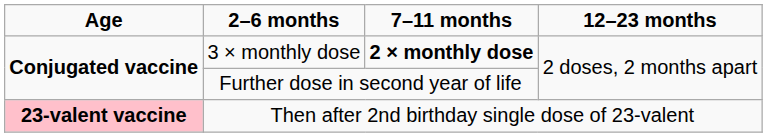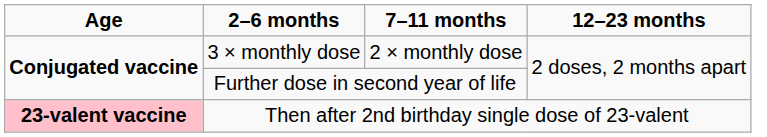 <table class="wikitable">
 <tr style="text-align:center;">
 <td><strong>Age</strong></td>
 <td style="text-align:center;"><strong>2–6 months</strong></td>
 <td style="text-align:center;"><strong>7–11 months</strong></td>
 <td style="text-align:center;"><strong>12–23 months</strong></td>
 </tr>
 <tr style="text-align:center;">
 <td rowspan="2"><strong>Conjugated vaccine</strong></td>
 <td style="text-align:center;">3 × monthly dose</td>
-<td style="text-align:center;"><strong>2 × monthly dose</strong></td>
+<td style="text-align:center;">2 × monthly dose</td>
 <td rowspan="2" style="text-align:center;">2 doses, 2 months apart</td>
 </tr>
 <tr>
 <td colspan="2" style="text-align:center;">Further dose in second year of life</td>
 </tr>
 <tr style="text-align:center;">
 <td style="background: pink;"><strong>23-valent vaccine</strong></td>
 <td colspan="3" style="text-align:center;">Then after 2nd birthday single dose of 23-valent</td>
 </tr>
 </table>
